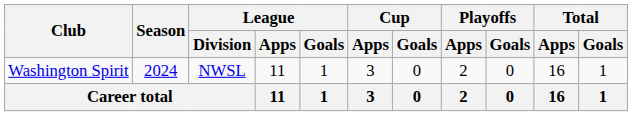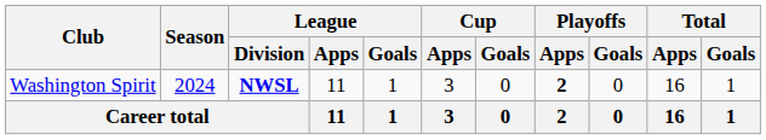 <table class="wikitable" style="text-align: center;">
 <tr>
 <th rowspan="2">Club</th>
 <th rowspan="2">Season</th>
 <th colspan="3">League</th>
 <th colspan="2">Cup</th>
 <th colspan="2">Playoffs</th>
 <th colspan="2">Total</th>
 </tr>
 <tr>
 <th>Division</th>
 <th>Apps</th>
 <th>Goals</th>
 <th>Apps</th>
 <th>Goals</th>
 <th>Apps</th>
 <th>Goals</th>
 <th>Apps</th>
 <th>Goals</th>
 </tr>
 <tr>
 <td><a href='#'>Washington Spirit</a></td>
 <td><a href='#'>2024</a></td>
-<td><a href='#'>NWSL</a></td>
+<td><strong><a href='#'>NWSL</a></strong></td>
 <td>11</td>
 <td>1</td>
 <td>3</td>
 <td>0</td>
-<td>2</td>
+<td><strong>2</strong></td>
 <td>0</td>
 <td>16</td>
 <td>1</td>
 </tr>
 <tr>
 <th colspan="3">Career total</th>
 <th>11</th>
 <th>1</th>
 <th>3</th>
 <th>0</th>
 <th>2</th>
 <th>0</th>
 <th>16</th>
 <th>1</th>
 </tr>
 </table>
